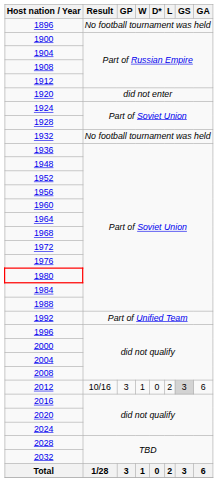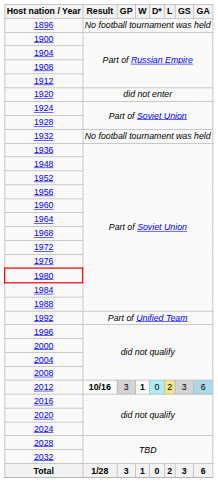 <table class="wikitable" style="text-align: center;font-size:90%;">
 <tr>
 <th>Host nation / Year</th>
 <th>Result</th>
 <th>GP</th>
 <th>W</th>
 <th>D*</th>
 <th>L</th>
 <th>GS</th>
 <th>GA</th>
 </tr>
 <tr>
 <td> <a href='#'>1896</a></td>
 <td colspan="7"><em>No football tournament was held</em></td>
 </tr>
 <tr>
 <td> <a href='#'>1900</a></td>
 <td colspan="7" rowspan="4"><em>Part of <a href='#'>Russian Empire</a></em></td>
 </tr>
 <tr>
 <td> <a href='#'>1904</a></td>
 </tr>
 <tr>
 <td> <a href='#'>1908</a></td>
 </tr>
 <tr>
 <td> <a href='#'>1912</a></td>
 </tr>
 <tr>
 <td> <a href='#'>1920</a></td>
 <td colspan="7"><em>did not enter</em></td>
 </tr>
 <tr>
 <td> <a href='#'>1924</a></td>
 <td colspan="7" rowspan="2"><em>Part of <a href='#'>Soviet Union</a></em></td>
 </tr>
 <tr>
 <td> <a href='#'>1928</a></td>
 </tr>
 <tr>
 <td> <a href='#'>1932</a></td>
 <td colspan="7"><em>No football tournament was held</em></td>
 </tr>
 <tr>
 <td> <a href='#'>1936</a></td>
 <td colspan="7" rowspan="12"><em>Part of <a href='#'>Soviet Union</a></em></td>
 </tr>
 <tr>
 <td> <a href='#'>1948</a></td>
 </tr>
 <tr>
 <td> <a href='#'>1952</a></td>
 </tr>
 <tr>
 <td> <a href='#'>1956</a></td>
 </tr>
 <tr>
 <td> <a href='#'>1960</a></td>
 </tr>
 <tr>
 <td> <a href='#'>1964</a></td>
 </tr>
 <tr>
 <td> <a href='#'>1968</a></td>
 </tr>
 <tr>
 <td> <a href='#'>1972</a></td>
 </tr>
 <tr>
 <td> <a href='#'>1976</a></td>
 </tr>
 <tr>
 <td style="border: 2px solid red"> <a href='#'>1980</a></td>
 </tr>
 <tr>
 <td> <a href='#'>1984</a></td>
 </tr>
 <tr>
 <td> <a href='#'>1988</a></td>
 </tr>
 <tr>
 <td> <a href='#'>1992</a></td>
 <td colspan="7"><em>Part of <a href='#'>Unified Team</a></em></td>
 </tr>
 <tr>
 <td> <a href='#'>1996</a></td>
 <td colspan="7" rowspan="4"><em>did not qualify</em></td>
 </tr>
 <tr>
 <td> <a href='#'>2000</a></td>
 </tr>
 <tr>
 <td> <a href='#'>2004</a></td>
 </tr>
 <tr>
 <td> <a href='#'>2008</a></td>
 </tr>
 <tr>
 <td> <a href='#'>2012</a></td>
-<td>10/16</td>
-<td>3</td>
-<td>1</td>
-<td>0</td>
-<td>2</td>
+<td><strong>10/16</strong></td>
 <td style="background: lightgrey;">3</td>
-<td>6</td>
+<td><strong>1</strong></td>
+<td style="background: paleturquoise;">0</td>
+<td style="background: khaki;">2</td>
+<td style="background: lightgrey;">3</td>
+<td style="background: lightblue;">6</td>
 </tr>
 <tr>
 <td> <a href='#'>2016</a></td>
 <td colspan="7" rowspan="3"><em>did not qualify</em></td>
 </tr>
 <tr>
 <td> <a href='#'>2020</a></td>
 </tr>
 <tr>
 <td> <a href='#'>2024</a></td>
 </tr>
 <tr>
 <td> <a href='#'>2028</a></td>
 <td colspan="7" rowspan="2"><em>TBD</em></td>
 </tr>
 <tr>
 <td> <a href='#'>2032</a></td>
 </tr>
 <tr>
 <th>Total</th>
 <th>1/28</th>
 <th>3</th>
 <th>1</th>
 <th>0</th>
 <th>2</th>
 <th>3</th>
 <th>6</th>
 </tr>
 <tr>
 </tr>
 </table>
